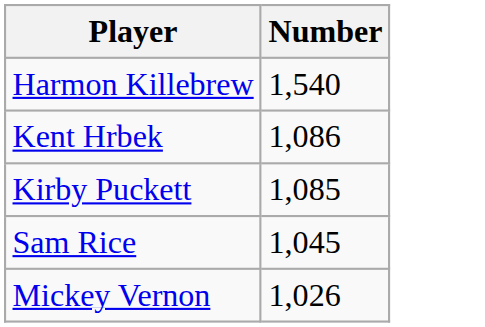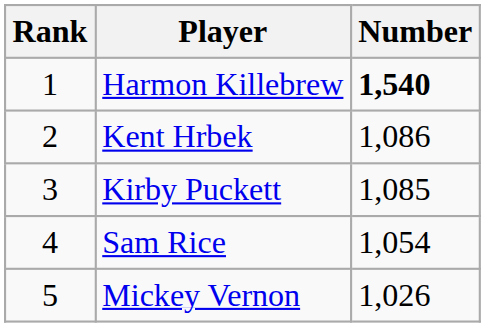 <table class="wikitable" style="font-size: 95%; text-align:left;">
 <tr>
+<th>Rank</th>
 <th>Player</th>
 <th>Number</th>
 </tr>
 <tr>
+<td align="center">1</td>
 <td><a href='#'>Harmon Killebrew</a></td>
-<td>1,540</td>
+<td><strong>1,540</strong></td>
 </tr>
 <tr>
+<td align="center">2</td>
 <td><a href='#'>Kent Hrbek</a></td>
 <td>1,086</td>
 </tr>
 <tr>
+<td align="center">3</td>
 <td><a href='#'>Kirby Puckett</a></td>
 <td>1,085</td>
 </tr>
 <tr>
+<td align="center">4</td>
 <td><a href='#'>Sam Rice</a></td>
-<td>1,045</td>
+<td>1,054</td>
 </tr>
 <tr>
+<td align="center">5</td>
 <td><a href='#'>Mickey Vernon</a></td>
 <td>1,026</td>
 </tr>
 </table>
